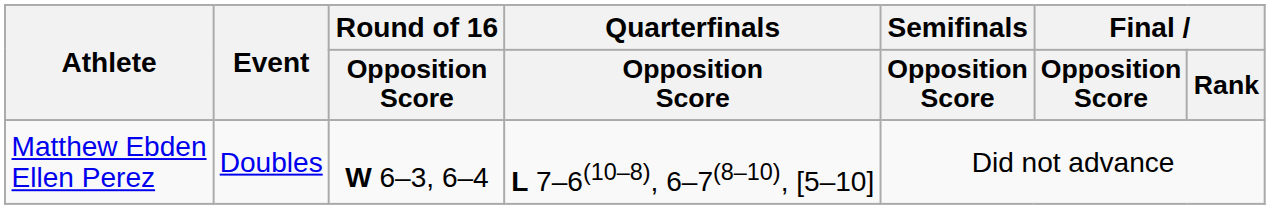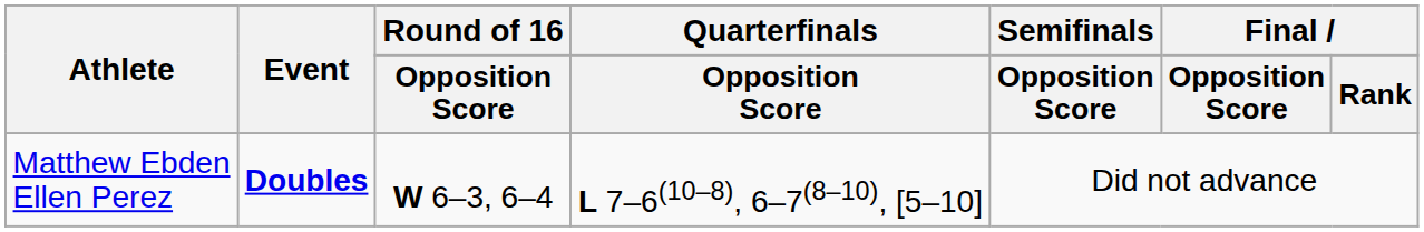 <table class=wikitable style=font-size:90%>
 <tr>
 <th rowspan=2>Athlete</th>
 <th rowspan=2>Event</th>
 <th>Round of 16</th>
 <th>Quarterfinals</th>
 <th>Semifinals</th>
 <th colspan=2>Final / </th>
 </tr>
 <tr style=font-size:95%>
 <th>Opposition<br>Score</th>
 <th>Opposition<br>Score</th>
 <th>Opposition<br>Score</th>
 <th>Opposition<br>Score</th>
 <th>Rank</th>
 </tr>
 <tr align=center>
 <td align=left><a href='#'>Matthew Ebden</a><br><a href='#'>Ellen Perez</a></td>
-<td align=left><a href='#'>Doubles</a></td>
+<td align=left><strong><a href='#'>Doubles</a></strong></td>
 <td><br><strong>W</strong> 6–3, 6–4</td>
 <td><br><strong>L</strong> 7–6<sup>(10–8)</sup>, 6–7<sup>(8–10)</sup>, [5–10]</td>
 <td colspan=3>Did not advance</td>
 </tr>
 </table>
